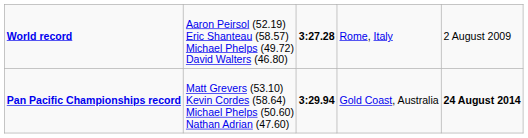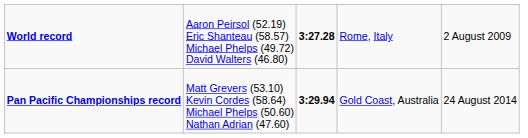 <table class="wikitable">
 <tr>
 <td><strong><a href='#'>World record</a></strong></td>
 <td><br><a href='#'>Aaron Peirsol</a> (52.19)<br><a href='#'>Eric Shanteau</a> (58.57)<br><a href='#'>Michael Phelps</a> (49.72)<br><a href='#'>David Walters</a> (46.80)</td>
 <td><strong>3:27.28</strong></td>
 <td><a href='#'>Rome</a>, <a href='#'>Italy</a></td>
 <td>2 August 2009</td>
 </tr>
 <tr>
 <td><strong><a href='#'>Pan Pacific Championships record</a></strong></td>
 <td><br><a href='#'>Matt Grevers</a> (53.10)<br><a href='#'>Kevin Cordes</a> (58.64)<br><a href='#'>Michael Phelps</a> (50.60)<br><a href='#'>Nathan Adrian</a> (47.60)</td>
 <td><strong>3:29.94</strong></td>
 <td><a href='#'>Gold Coast</a>, Australia</td>
-<td><strong>24 August 2014</strong></td>
+<td>24 August 2014</td>
 </tr>
 </table>
